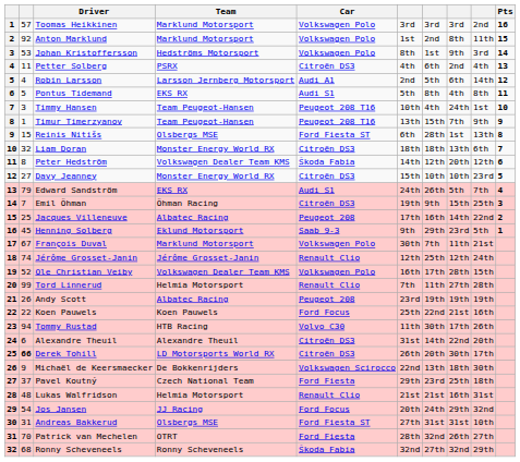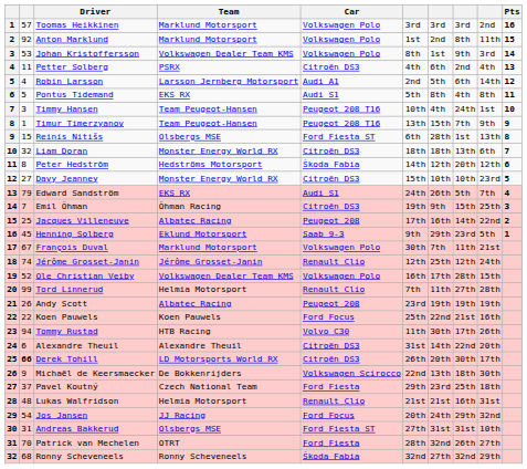 <table class=wikitable style="font-size:95%">
 <tr>
 <th></th>
 <th></th>
 <th>Driver</th>
 <th>Team</th>
 <th>Car</th>
 <th></th>
 <th></th>
 <th></th>
 <th></th>
 <th>Pts</th>
 </tr>
 <tr>
 <th>1</th>
 <td>57</td>
 <td> <a href='#'>Toomas Heikkinen</a></td>
 <td><a href='#'>Marklund Motorsport</a></td>
 <td><a href='#'>Volkswagen Polo</a></td>
 <td>3rd</td>
 <td>3rd</td>
 <td>3rd</td>
 <td>2nd</td>
 <td><strong>16</strong></td>
 </tr>
 <tr>
 <th>2</th>
 <td>92</td>
 <td> <a href='#'>Anton Marklund</a></td>
 <td><a href='#'>Marklund Motorsport</a></td>
 <td><a href='#'>Volkswagen Polo</a></td>
 <td>1st</td>
 <td>2nd</td>
 <td>8th</td>
 <td>11th</td>
 <td><strong>15</strong></td>
 </tr>
 <tr>
 <th>3</th>
 <td>53</td>
 <td> <a href='#'>Johan Kristoffersson</a></td>
-<td><a href='#'>Hedströms Motorsport</a></td>
+<td><a href='#'>Volkswagen Dealer Team KMS</a></td>
 <td><a href='#'>Volkswagen Polo</a></td>
 <td>8th</td>
 <td>1st</td>
 <td>9th</td>
 <td>3rd</td>
 <td><strong>14</strong></td>
 </tr>
 <tr>
 <th>4</th>
 <td>11</td>
 <td> <a href='#'>Petter Solberg</a></td>
 <td><a href='#'>PSRX</a></td>
 <td><a href='#'>Citroën DS3</a></td>
 <td>4th</td>
 <td>6th</td>
 <td>2nd</td>
 <td>4th</td>
 <td><strong>13</strong></td>
 </tr>
 <tr>
 <th>5</th>
 <td>4</td>
 <td> <a href='#'>Robin Larsson</a></td>
 <td><a href='#'>Larsson Jernberg Motorsport</a></td>
 <td><a href='#'>Audi A1</a></td>
 <td>2nd</td>
 <td>5th</td>
 <td>6th</td>
 <td>14th</td>
 <td><strong>12</strong></td>
 </tr>
 <tr>
 <th>6</th>
 <td>5</td>
 <td> <a href='#'>Pontus Tidemand</a></td>
 <td><a href='#'>EKS RX</a></td>
 <td><a href='#'>Audi S1</a></td>
 <td>5th</td>
 <td>8th</td>
 <td>4th</td>
 <td>8th</td>
 <td><strong>11</strong></td>
 </tr>
 <tr>
 <th>7</th>
 <td>3</td>
 <td> <a href='#'>Timmy Hansen</a></td>
 <td><a href='#'>Team Peugeot-Hansen</a></td>
 <td><a href='#'>Peugeot 208 T16</a></td>
 <td>10th</td>
 <td>4th</td>
 <td>24th</td>
 <td>1st</td>
 <td><strong>10</strong></td>
 </tr>
 <tr>
 <th>8</th>
 <td>1</td>
 <td> <a href='#'>Timur Timerzyanov</a></td>
 <td><a href='#'>Team Peugeot-Hansen</a></td>
 <td><a href='#'>Peugeot 208 T16</a></td>
 <td>13th</td>
 <td>15th</td>
 <td>7th</td>
 <td>9th</td>
 <td><strong>9</strong></td>
 </tr>
 <tr>
 <th>9</th>
 <td>15</td>
 <td> <a href='#'>Reinis Nitišs</a></td>
 <td><a href='#'>Olsbergs MSE</a></td>
 <td><a href='#'>Ford Fiesta ST</a></td>
 <td>6th</td>
 <td>28th</td>
 <td>1st</td>
 <td>13th</td>
 <td><strong>8</strong></td>
 </tr>
 <tr>
 <th>10</th>
 <td>32</td>
 <td> <a href='#'>Liam Doran</a></td>
 <td><a href='#'>Monster Energy World RX</a></td>
 <td><a href='#'>Citroën DS3</a></td>
 <td>18th</td>
 <td>18th</td>
 <td>13th</td>
 <td>6th</td>
 <td><strong>7</strong></td>
 </tr>
 <tr>
 <th>11</th>
 <td>8</td>
 <td> <a href='#'>Peter Hedström</a></td>
-<td><a href='#'>Volkswagen Dealer Team KMS</a></td>
+<td><a href='#'>Hedströms Motorsport</a></td>
 <td><a href='#'>Škoda Fabia</a></td>
 <td>14th</td>
 <td>12th</td>
 <td>20th</td>
 <td>12th</td>
 <td><strong>6</strong></td>
 </tr>
 <tr>
 <th>12</th>
 <td>27</td>
 <td> <a href='#'>Davy Jeanney</a></td>
 <td><a href='#'>Monster Energy World RX</a></td>
 <td><a href='#'>Citroën DS3</a></td>
 <td>15th</td>
 <td>10th</td>
 <td>10th</td>
 <td>23rd</td>
 <td><strong>5</strong></td>
 </tr>
 <tr>
 <th style="background:#ffcccc;">13</th>
 <td style="background:#ffcccc;">79</td>
 <td style="background:#ffcccc;"> Edward Sandström</td>
 <td style="background:#ffcccc;"><a href='#'>EKS RX</a></td>
 <td style="background:#ffcccc;"><a href='#'>Audi S1</a></td>
 <td style="background:#ffcccc;">24th</td>
 <td style="background:#ffcccc;">26th</td>
 <td style="background:#ffcccc;">5th</td>
 <td style="background:#ffcccc;">7th</td>
 <td style="background:#ffcccc;"><strong>4</strong></td>
 </tr>
 <tr>
 <th style="background:#ffcccc;">14</th>
 <td style="background:#ffcccc;">7</td>
 <td style="background:#ffcccc;"> Emil Öhman</td>
 <td style="background:#ffcccc;">Öhman Racing</td>
 <td style="background:#ffcccc;"><a href='#'>Citroën DS3</a></td>
 <td style="background:#ffcccc;">19th</td>
 <td style="background:#ffcccc;">9th</td>
 <td style="background:#ffcccc;">15th</td>
 <td style="background:#ffcccc;">25th</td>
 <td style="background:#ffcccc;"><strong>3</strong></td>
 </tr>
 <tr>
 <th style="background:#ffcccc;">15</th>
 <td style="background:#ffcccc;">25</td>
 <td style="background:#ffcccc;"> <a href='#'>Jacques Villeneuve</a></td>
 <td style="background:#ffcccc;"><a href='#'>Albatec Racing</a></td>
 <td style="background:#ffcccc;"><a href='#'>Peugeot 208</a></td>
 <td style="background:#ffcccc;">17th</td>
 <td style="background:#ffcccc;">16th</td>
 <td style="background:#ffcccc;">14th</td>
 <td style="background:#ffcccc;">22nd</td>
 <td style="background:#ffcccc;"><strong>2</strong></td>
 </tr>
 <tr>
 <th style="background:#ffcccc;">16</th>
 <td style="background:#ffcccc;">45</td>
 <td style="background:#ffcccc;"> <a href='#'>Henning Solberg</a></td>
 <td style="background:#ffcccc;"><a href='#'>Eklund Motorsport</a></td>
 <td style="background:#ffcccc;"><a href='#'>Saab 9-3</a></td>
 <td style="background:#ffcccc;">9th</td>
 <td style="background:#ffcccc;">29th</td>
 <td style="background:#ffcccc;">23rd</td>
 <td style="background:#ffcccc;">5th</td>
 <td style="background:#ffcccc;"><strong>1</strong></td>
 </tr>
 <tr>
 <th style="background:#ffcccc;">17</th>
 <td style="background:#ffcccc;">67</td>
 <td style="background:#ffcccc;"> <a href='#'>François Duval</a></td>
 <td style="background:#ffcccc;"><a href='#'>Marklund Motorsport</a></td>
 <td style="background:#ffcccc;"><a href='#'>Volkswagen Polo</a></td>
 <td style="background:#ffcccc;">30th</td>
 <td style="background:#ffcccc;">7th</td>
 <td style="background:#ffcccc;">11th</td>
 <td style="background:#ffcccc;">21st</td>
 <td style="background:#ffcccc;"></td>
 </tr>
 <tr>
 <th style="background:#ffcccc;">18</th>
 <td style="background:#ffcccc;">74</td>
 <td style="background:#ffcccc;"> <a href='#'>Jérôme Grosset-Janin</a></td>
 <td style="background:#ffcccc;"><a href='#'>Jérôme Grosset-Janin</a></td>
 <td style="background:#ffcccc;"><a href='#'>Renault Clio</a></td>
 <td style="background:#ffcccc;">12th</td>
 <td style="background:#ffcccc;">25th</td>
 <td style="background:#ffcccc;">12th</td>
 <td style="background:#ffcccc;">24th</td>
 <td style="background:#ffcccc;"></td>
 </tr>
 <tr>
 <th style="background:#ffcccc;">19</th>
 <td style="background:#ffcccc;">52</td>
 <td style="background:#ffcccc;"> <a href='#'>Ole Christian Veiby</a></td>
 <td style="background:#ffcccc;"><a href='#'>Volkswagen Dealer Team KMS</a></td>
 <td style="background:#ffcccc;"><a href='#'>Volkswagen Polo</a></td>
 <td style="background:#ffcccc;">16th</td>
 <td style="background:#ffcccc;">17th</td>
 <td style="background:#ffcccc;">28th</td>
 <td style="background:#ffcccc;">15th</td>
 <td style="background:#ffcccc;"></td>
 </tr>
 <tr>
 <th style="background:#ffcccc;">20</th>
 <td style="background:#ffcccc;">99</td>
 <td style="background:#ffcccc;"> <a href='#'>Tord Linnerud</a></td>
 <td style="background:#ffcccc;">Helmia Motorsport</td>
 <td style="background:#ffcccc;"><a href='#'>Renault Clio</a></td>
 <td style="background:#ffcccc;">7th</td>
 <td style="background:#ffcccc;">11th</td>
 <td style="background:#ffcccc;">27th</td>
 <td style="background:#ffcccc;">28th</td>
 <td style="background:#ffcccc;"></td>
 </tr>
 <tr>
 <th style="background:#ffcccc;">21</th>
 <td style="background:#ffcccc;">26</td>
 <td style="background:#ffcccc;"> Andy Scott</td>
 <td style="background:#ffcccc;"><a href='#'>Albatec Racing</a></td>
 <td style="background:#ffcccc;"><a href='#'>Peugeot 208</a></td>
 <td style="background:#ffcccc;">23rd</td>
 <td style="background:#ffcccc;">19th</td>
 <td style="background:#ffcccc;">19th</td>
 <td style="background:#ffcccc;">19th</td>
 <td style="background:#ffcccc;"></td>
 </tr>
 <tr>
 <th style="background:#ffcccc;">22</th>
 <td style="background:#ffcccc;">22</td>
 <td style="background:#ffcccc;"> Koen Pauwels</td>
 <td style="background:#ffcccc;">Koen Pauwels</td>
 <td style="background:#ffcccc;"><a href='#'>Ford Focus</a></td>
 <td style="background:#ffcccc;">25th</td>
 <td style="background:#ffcccc;">22nd</td>
 <td style="background:#ffcccc;">21st</td>
 <td style="background:#ffcccc;">16th</td>
 <td style="background:#ffcccc;"></td>
 </tr>
 <tr>
 <th style="background:#ffcccc;">23</th>
 <td style="background:#ffcccc;">94</td>
 <td style="background:#ffcccc;"> <a href='#'>Tommy Rustad</a></td>
 <td style="background:#ffcccc;">HTB Racing</td>
 <td style="background:#ffcccc;"><a href='#'>Volvo C30</a></td>
 <td style="background:#ffcccc;">11th</td>
 <td style="background:#ffcccc;">30th</td>
 <td style="background:#ffcccc;">17th</td>
 <td style="background:#ffcccc;">26th</td>
 <td style="background:#ffcccc;"></td>
 </tr>
 <tr>
 <th style="background:#ffcccc;">24</th>
 <td style="background:#ffcccc;">6</td>
 <td style="background:#ffcccc;"> Alexandre Theuil</td>
 <td style="background:#ffcccc;">Alexandre Theuil</td>
 <td style="background:#ffcccc;"><a href='#'>Citroën DS3</a></td>
 <td style="background:#ffcccc;">31st</td>
 <td style="background:#ffcccc;">14th</td>
 <td style="background:#ffcccc;">22nd</td>
 <td style="background:#ffcccc;">20th</td>
 <td style="background:#ffcccc;"></td>
 </tr>
 <tr>
 <th style="background:#ffcccc;">25</th>
 <td style="background:#ffcccc;"><strong>66</strong></td>
 <td style="background:#ffcccc;"> <a href='#'>Derek Tohill</a></td>
 <td style="background:#ffcccc;"><a href='#'>LD Motorsports World RX</a></td>
 <td style="background:#ffcccc;"><a href='#'>Citroën DS3</a></td>
 <td style="background:#ffcccc;">26th</td>
 <td style="background:#ffcccc;">20th</td>
 <td style="background:#ffcccc;">30th</td>
 <td style="background:#ffcccc;">17th</td>
 <td style="background:#ffcccc;"></td>
 </tr>
 <tr>
 <th style="background:#ffcccc;">26</th>
 <td style="background:#ffcccc;">9</td>
 <td style="background:#ffcccc;"> Michaël de Keersmaecker</td>
 <td style="background:#ffcccc;">De Bokkenrijders</td>
 <td style="background:#ffcccc;"><a href='#'>Volkswagen Scirocco</a></td>
 <td style="background:#ffcccc;">22nd</td>
 <td style="background:#ffcccc;">13th</td>
 <td style="background:#ffcccc;">18th</td>
 <td style="background:#ffcccc;">30th</td>
 <td style="background:#ffcccc;"></td>
 </tr>
 <tr>
 <th style="background:#ffcccc;">27</th>
 <td style="background:#ffcccc;">37</td>
 <td style="background:#ffcccc;"> Pavel Koutný</td>
 <td style="background:#ffcccc;">Czech National Team</td>
 <td style="background:#ffcccc;"><a href='#'>Ford Fiesta</a></td>
 <td style="background:#ffcccc;">29th</td>
 <td style="background:#ffcccc;">23rd</td>
 <td style="background:#ffcccc;">25th</td>
 <td style="background:#ffcccc;">18th</td>
 <td style="background:#ffcccc;"></td>
 </tr>
 <tr>
 <th style="background:#ffcccc;">28</th>
 <td style="background:#ffcccc;">48</td>
 <td style="background:#ffcccc;"> Lukas Walfridson</td>
 <td style="background:#ffcccc;">Helmia Motorsport</td>
 <td style="background:#ffcccc;"><a href='#'>Renault Clio</a></td>
 <td style="background:#ffcccc;">21st</td>
 <td style="background:#ffcccc;">21st</td>
 <td style="background:#ffcccc;">16th</td>
 <td style="background:#ffcccc;">31st</td>
 <td style="background:#ffcccc;"></td>
 </tr>
 <tr>
 <th style="background:#ffcccc;">29</th>
 <td style="background:#ffcccc;">54</td>
 <td style="background:#ffcccc;"> <a href='#'>Jos Jansen</a></td>
 <td style="background:#ffcccc;"><a href='#'>JJ Racing</a></td>
 <td style="background:#ffcccc;"><a href='#'>Ford Focus</a></td>
 <td style="background:#ffcccc;">20th</td>
 <td style="background:#ffcccc;">24th</td>
 <td style="background:#ffcccc;">29th</td>
 <td style="background:#ffcccc;">32nd</td>
 <td style="background:#ffcccc;"></td>
 </tr>
 <tr>
 <th style="background:#ffcccc;">30</th>
 <td style="background:#ffcccc;">31</td>
 <td style="background:#ffcccc;"> <a href='#'>Andreas Bakkerud</a></td>
 <td style="background:#ffcccc;"><a href='#'>Olsbergs MSE</a></td>
 <td style="background:#ffcccc;"><a href='#'>Ford Fiesta ST</a></td>
 <td style="background:#ffcccc;">27th</td>
 <td style="background:#ffcccc;">31st</td>
 <td style="background:#ffcccc;">31st</td>
 <td style="background:#ffcccc;">10th</td>
 <td style="background:#ffcccc;"></td>
 </tr>
 <tr>
 <th style="background:#ffcccc;">31</th>
 <td style="background:#ffcccc;">70</td>
 <td style="background:#ffcccc;"> Patrick van Mechelen</td>
 <td style="background:#ffcccc;">OTRT</td>
 <td style="background:#ffcccc;"><a href='#'>Ford Fiesta</a></td>
 <td style="background:#ffcccc;">28th</td>
 <td style="background:#ffcccc;">32nd</td>
 <td style="background:#ffcccc;">26th</td>
 <td style="background:#ffcccc;">27th</td>
 <td style="background:#ffcccc;"></td>
 </tr>
 <tr>
 <th style="background:#ffcccc;">32</th>
 <td style="background:#ffcccc;">68</td>
 <td style="background:#ffcccc;"> Ronny Scheveneels</td>
 <td style="background:#ffcccc;">Ronny Scheveneels</td>
 <td style="background:#ffcccc;"><a href='#'>Škoda Fabia</a></td>
 <td style="background:#ffcccc;">32nd</td>
 <td style="background:#ffcccc;">27th</td>
 <td style="background:#ffcccc;">32nd</td>
 <td style="background:#ffcccc;">29th</td>
 <td style="background:#ffcccc;"></td>
 </tr>
 </table>
